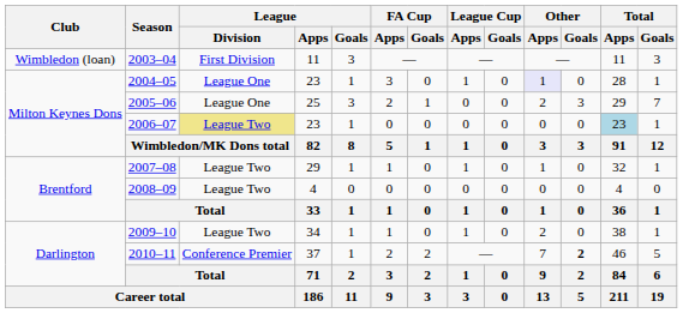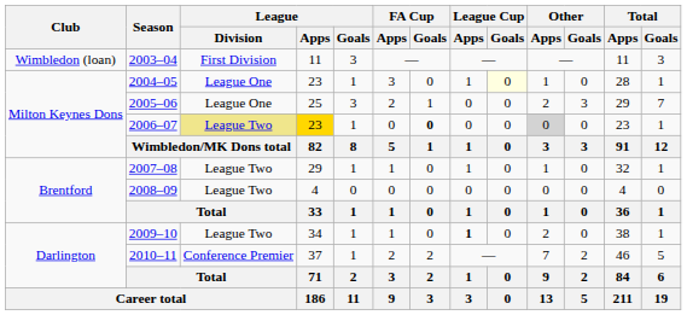 <table class="wikitable" style="text-align: center;">
 <tr>
 <th rowspan="2">Club</th>
 <th rowspan="2">Season</th>
 <th colspan="3">League</th>
 <th colspan="2">FA Cup</th>
 <th colspan="2">League Cup</th>
 <th colspan="2">Other</th>
 <th colspan="2">Total</th>
 </tr>
 <tr>
 <th>Division</th>
 <th>Apps</th>
 <th>Goals</th>
 <th>Apps</th>
 <th>Goals</th>
 <th>Apps</th>
 <th>Goals</th>
 <th>Apps</th>
 <th>Goals</th>
 <th>Apps</th>
 <th>Goals</th>
 </tr>
 <tr>
 <td><a href='#'>Wimbledon</a> (loan)</td>
 <td><a href='#'>2003–04</a></td>
 <td><a href='#'>First Division</a></td>
 <td>11</td>
 <td>3</td>
 <td colspan="2">—</td>
 <td colspan="2">—</td>
 <td colspan="2">—</td>
 <td>11</td>
 <td>3</td>
 </tr>
 <tr>
 <td rowspan="4"><a href='#'>Milton Keynes Dons</a></td>
 <td><a href='#'>2004–05</a></td>
 <td><a href='#'>League One</a></td>
 <td>23</td>
 <td>1</td>
 <td>3</td>
 <td>0</td>
 <td>1</td>
-<td>0</td>
-<td style="background: lavender;">1</td>
+<td style="background: lightyellow;">0</td>
+<td>1</td>
 <td>0</td>
 <td>28</td>
 <td>1</td>
 </tr>
 <tr>
 <td><a href='#'>2005–06</a></td>
 <td>League One</td>
 <td>25</td>
 <td>3</td>
 <td>2</td>
 <td>1</td>
 <td>0</td>
 <td>0</td>
 <td>2</td>
 <td>3</td>
 <td>29</td>
 <td>7</td>
 </tr>
 <tr>
 <td><a href='#'>2006–07</a></td>
 <td style="background: khaki;"><a href='#'>League Two</a></td>
-<td>23</td>
+<td style="background: gold;">23</td>
 <td>1</td>
 <td>0</td>
+<td><strong>0</strong></td>
 <td>0</td>
 <td>0</td>
+<td style="background: lightgrey;">0</td>
 <td>0</td>
-<td>0</td>
-<td>0</td>
-<td style="background: lightblue;">23</td>
+<td>23</td>
 <td>1</td>
 </tr>
 <tr>
 <th colspan="2">Wimbledon/MK Dons total</th>
 <th>82</th>
 <th>8</th>
 <th>5</th>
 <th>1</th>
 <th>1</th>
 <th>0</th>
 <th>3</th>
 <th>3</th>
 <th>91</th>
 <th>12</th>
 </tr>
 <tr>
 <td rowspan="3"><a href='#'>Brentford</a></td>
 <td><a href='#'>2007–08</a></td>
 <td>League Two</td>
 <td>29</td>
 <td>1</td>
 <td>1</td>
 <td>0</td>
 <td>1</td>
 <td>0</td>
 <td>1</td>
 <td>0</td>
 <td>32</td>
 <td>1</td>
 </tr>
 <tr>
 <td><a href='#'>2008–09</a></td>
 <td>League Two</td>
 <td>4</td>
 <td>0</td>
 <td>0</td>
 <td>0</td>
 <td>0</td>
 <td>0</td>
 <td>0</td>
 <td>0</td>
 <td>4</td>
 <td>0</td>
 </tr>
 <tr>
 <th colspan="2">Total</th>
 <th>33</th>
 <th>1</th>
 <th>1</th>
 <th>0</th>
 <th>1</th>
 <th>0</th>
 <th>1</th>
 <th>0</th>
 <th>36</th>
 <th>1</th>
 </tr>
 <tr>
 <td rowspan="3"><a href='#'>Darlington</a></td>
 <td><a href='#'>2009–10</a></td>
 <td>League Two</td>
 <td>34</td>
 <td>1</td>
 <td>1</td>
 <td>0</td>
-<td>1</td>
+<td><strong>1</strong></td>
 <td>0</td>
 <td>2</td>
 <td>0</td>
 <td>38</td>
 <td>1</td>
 </tr>
 <tr>
 <td><a href='#'>2010–11</a></td>
 <td><a href='#'>Conference Premier</a></td>
 <td>37</td>
 <td>1</td>
 <td>2</td>
 <td>2</td>
 <td colspan="2">—</td>
 <td>7</td>
-<td><strong>2</strong></td>
+<td>2</td>
 <td>46</td>
 <td>5</td>
 </tr>
 <tr>
 <th colspan="2">Total</th>
 <th>71</th>
 <th>2</th>
 <th>3</th>
 <th>2</th>
 <th>1</th>
 <th>0</th>
 <th>9</th>
 <th>2</th>
 <th>84</th>
 <th>6</th>
 </tr>
 <tr>
 <th colspan="3">Career total</th>
 <th>186</th>
 <th>11</th>
 <th>9</th>
 <th>3</th>
 <th>3</th>
 <th>0</th>
 <th>13</th>
 <th>5</th>
 <th>211</th>
 <th>19</th>
 </tr>
 </table>
